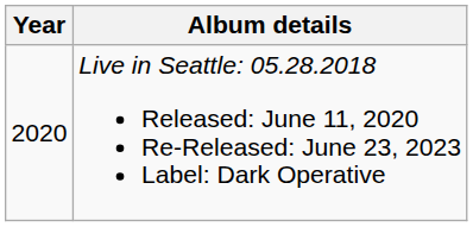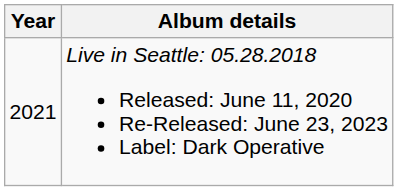 <table class="wikitable">
 <tr>
 <th width=33>Year</th>
 <th>Album details</th>
 </tr>
 <tr>
-<td>2020</td>
+<td>2021</td>
 <td><em>Live in Seattle: 05.28.2018</em><br><ul><li>Released: June 11, 2020</li><li>Re-Released: June 23, 2023</li><li>Label: Dark Operative</li></ul></td>
 </tr>
 </table>
